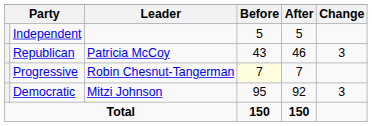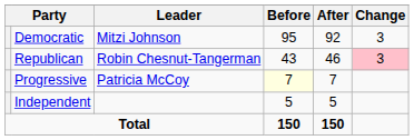 <table class="wikitable" style="text-align:center;">
 <tr>
 </tr>
 <tr>
 <th colspan=2>Party</th>
 <th>Leader</th>
 <th>Before</th>
 <th>After</th>
 <th>Change</th>
 </tr>
 <tr>
 <th style="background-color:"></th>
-<td style="text-align:left;"><a href='#'>Independent</a></td>
-<td style="text-align:left;"></td>
-<td>5</td>
-<td>5</td>
-<td></td>
+<td style="text-align:left;"><a href='#'>Democratic</a></td>
+<td style="text-align:left;"><a href='#'>Mitzi Johnson</a></td>
+<td>95</td>
+<td>92</td>
+<td> 3</td>
 </tr>
 <tr>
 <th style="background-color:"></th>
 <td style="text-align:left;"><a href='#'>Republican</a></td>
-<td style="text-align:left;"><a href='#'>Patricia McCoy</a></td>
+<td style="text-align:left;"><a href='#'>Robin Chesnut-Tangerman</a></td>
 <td>43</td>
 <td>46</td>
-<td> 3</td>
+<td style="background: pink;"> 3</td>
 </tr>
 <tr>
 <th style="background-color:"></th>
 <td style="text-align:left;"><a href='#'>Progressive</a></td>
-<td style="text-align:left;"><a href='#'>Robin Chesnut-Tangerman</a></td>
+<td style="text-align:left;"><a href='#'>Patricia McCoy</a></td>
 <td style="background: lightyellow;">7</td>
 <td>7</td>
 <td></td>
 </tr>
 <tr>
 <th style="background-color:"></th>
-<td style="text-align:left;"><a href='#'>Democratic</a></td>
-<td style="text-align:left;"><a href='#'>Mitzi Johnson</a></td>
-<td>95</td>
-<td>92</td>
-<td> 3</td>
+<td style="text-align:left;"><a href='#'>Independent</a></td>
+<td style="text-align:left;"></td>
+<td>5</td>
+<td>5</td>
+<td></td>
 </tr>
 <tr>
 <td colspan=3><strong>Total</strong></td>
 <td><strong>150</strong></td>
 <td><strong>150</strong></td>
 <td></td>
 </tr>
 </table>
